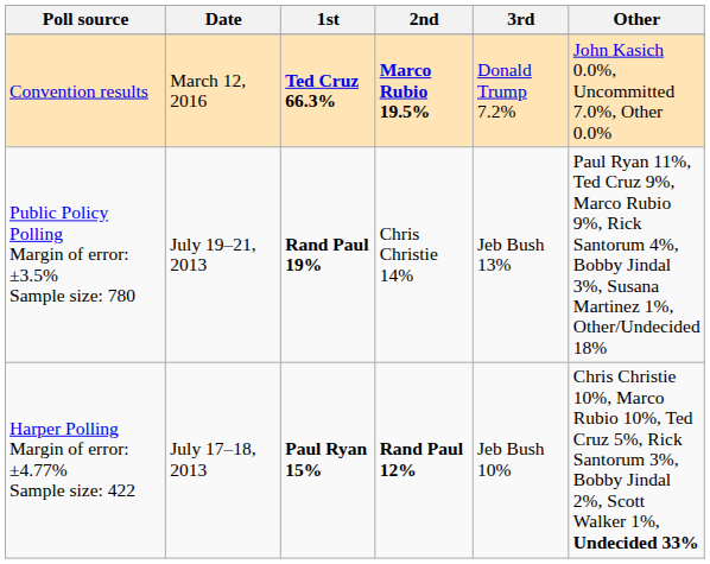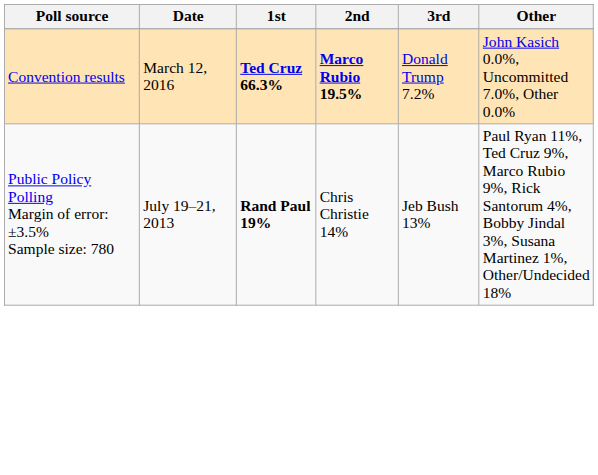 <table class="wikitable">
 <tr>
 <th style="width:180px;">Poll source</th>
 <th style="width:135px;">Date</th>
 <th style="width:100px;">1st</th>
 <th style="width:100px;">2nd</th>
 <th style="width:100px;">3rd</th>
 <th>Other</th>
 </tr>
 <tr>
 </tr>
 <tr style="background:Moccasin;">
 <td><a href='#'>Convention results</a></td>
 <td>March 12, 2016</td>
 <td><strong><a href='#'>Ted Cruz</a><br>66.3%</strong></td>
 <td><strong><a href='#'>Marco Rubio</a><br>19.5%</strong></td>
 <td><a href='#'>Donald Trump</a><br>7.2%</td>
 <td><a href='#'>John Kasich</a> 0.0%, Uncommitted 7.0%, Other 0.0%</td>
 </tr>
 <tr>
 <td><a href='#'>Public Policy Polling</a><br>Margin of error: ±3.5% <br>Sample size: 780</td>
 <td>July 19–21, 2013</td>
 <td><strong>Rand Paul<br>19%</strong></td>
 <td>Chris Christie<br>14%</td>
 <td>Jeb Bush<br>13%</td>
 <td>Paul Ryan 11%, Ted Cruz 9%, Marco Rubio 9%, Rick Santorum 4%, Bobby Jindal 3%, Susana Martinez 1%, Other/Undecided 18%</td>
 </tr>
-<tr>
-<td><a href='#'>Harper Polling</a><br>Margin of error: ±4.77% <br>Sample size: 422</td>
-<td>July 17–18, 2013</td>
-<td><strong>Paul Ryan<br>15%</strong></td>
-<td><strong>Rand Paul<br>12%</strong></td>
-<td>Jeb Bush<br>10%</td>
-<td>Chris Christie 10%, Marco Rubio 10%, Ted Cruz 5%, Rick Santorum 3%, Bobby Jindal 2%, Scott Walker 1%, <span><strong>Undecided 33%</strong></span></td>
-</tr>
 </table>
